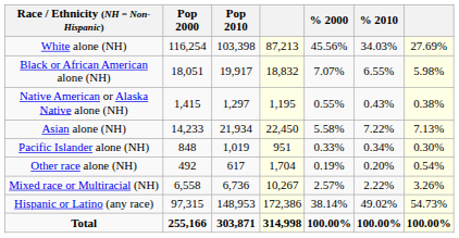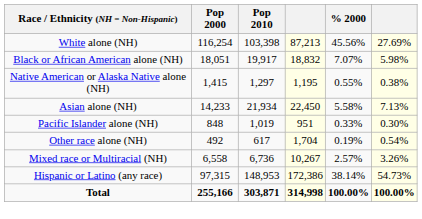 <table class="wikitable" style="text-align:center;">
 <tr>
 <th>Race / Ethnicity <small>(<em>NH = Non-Hispanic</em>)</small></th>
 <th>Pop 2000</th>
 <th>Pop 2010</th>
 <th></th>
 <th>% 2000</th>
-<th>% 2010</th>
 <th></th>
 </tr>
 <tr>
 <td><a href='#'>White</a> alone (NH)</td>
 <td>116,254</td>
 <td>103,398</td>
 <td style='background: #ffffe6;'>87,213</td>
 <td>45.56%</td>
-<td>34.03%</td>
 <td style='background: #ffffe6;'>27.69%</td>
 </tr>
 <tr>
 <td><a href='#'>Black or African American</a> alone (NH)</td>
 <td>18,051</td>
 <td>19,917</td>
 <td style='background: #ffffe6;'>18,832</td>
 <td>7.07%</td>
-<td>6.55%</td>
 <td style='background: #ffffe6;'>5.98%</td>
 </tr>
 <tr>
 <td><a href='#'>Native American</a> or <a href='#'>Alaska Native</a> alone (NH)</td>
 <td>1,415</td>
 <td>1,297</td>
 <td style='background: #ffffe6;'>1,195</td>
 <td>0.55%</td>
-<td>0.43%</td>
 <td style='background: #ffffe6;'>0.38%</td>
 </tr>
 <tr>
 <td><a href='#'>Asian</a> alone (NH)</td>
 <td>14,233</td>
 <td>21,934</td>
 <td style='background: #ffffe6;'>22,450</td>
 <td>5.58%</td>
-<td>7.22%</td>
 <td style='background: #ffffe6;'>7.13%</td>
 </tr>
 <tr>
 <td><a href='#'>Pacific Islander</a> alone (NH)</td>
 <td>848</td>
 <td>1,019</td>
 <td style='background: #ffffe6;'>951</td>
 <td>0.33%</td>
-<td>0.34%</td>
 <td style='background: #ffffe6;'>0.30%</td>
 </tr>
 <tr>
 <td><a href='#'>Other race</a> alone (NH)</td>
 <td>492</td>
 <td>617</td>
 <td style='background: #ffffe6;'>1,704</td>
 <td>0.19%</td>
-<td>0.20%</td>
 <td style='background: #ffffe6;'>0.54%</td>
 </tr>
 <tr>
 <td><a href='#'>Mixed race or Multiracial</a> (NH)</td>
 <td>6,558</td>
 <td>6,736</td>
 <td style='background: #ffffe6;'>10,267</td>
 <td>2.57%</td>
-<td>2.22%</td>
 <td style='background: #ffffe6;'>3.26%</td>
 </tr>
 <tr>
 <td><a href='#'>Hispanic or Latino</a> (any race)</td>
 <td>97,315</td>
 <td>148,953</td>
 <td style='background: #ffffe6;'>172,386</td>
 <td>38.14%</td>
-<td>49.02%</td>
 <td style='background: #ffffe6;'>54.73%</td>
 </tr>
 <tr>
 <td><strong>Total</strong></td>
 <td><strong>255,166</strong></td>
 <td><strong>303,871</strong></td>
 <td style='background: #ffffe6;'><strong>314,998</strong></td>
 <td><strong>100.00%</strong></td>
-<td><strong>100.00%</strong></td>
 <td style='background: #ffffe6;'><strong>100.00%</strong></td>
 </tr>
 </table>
